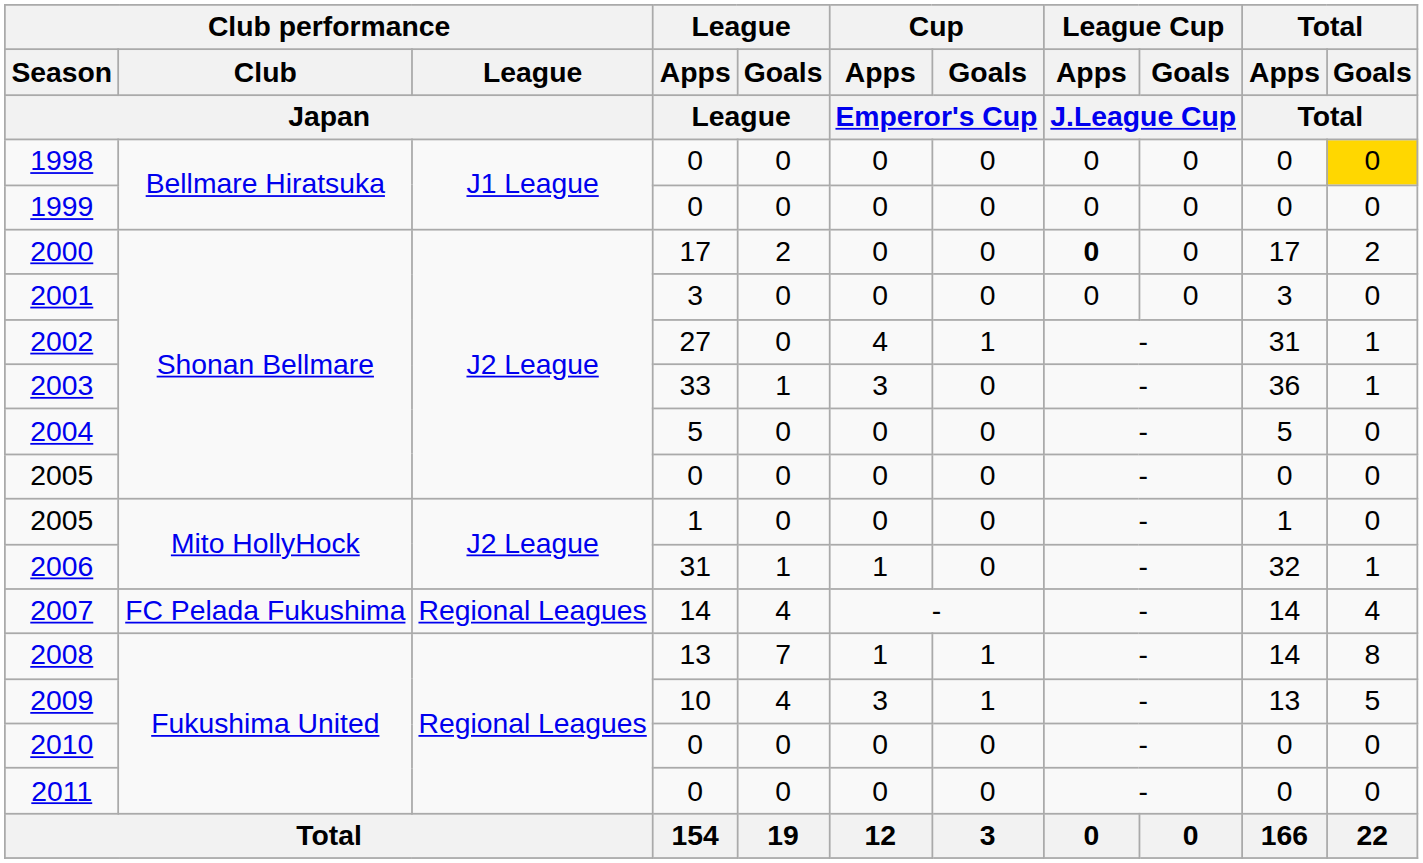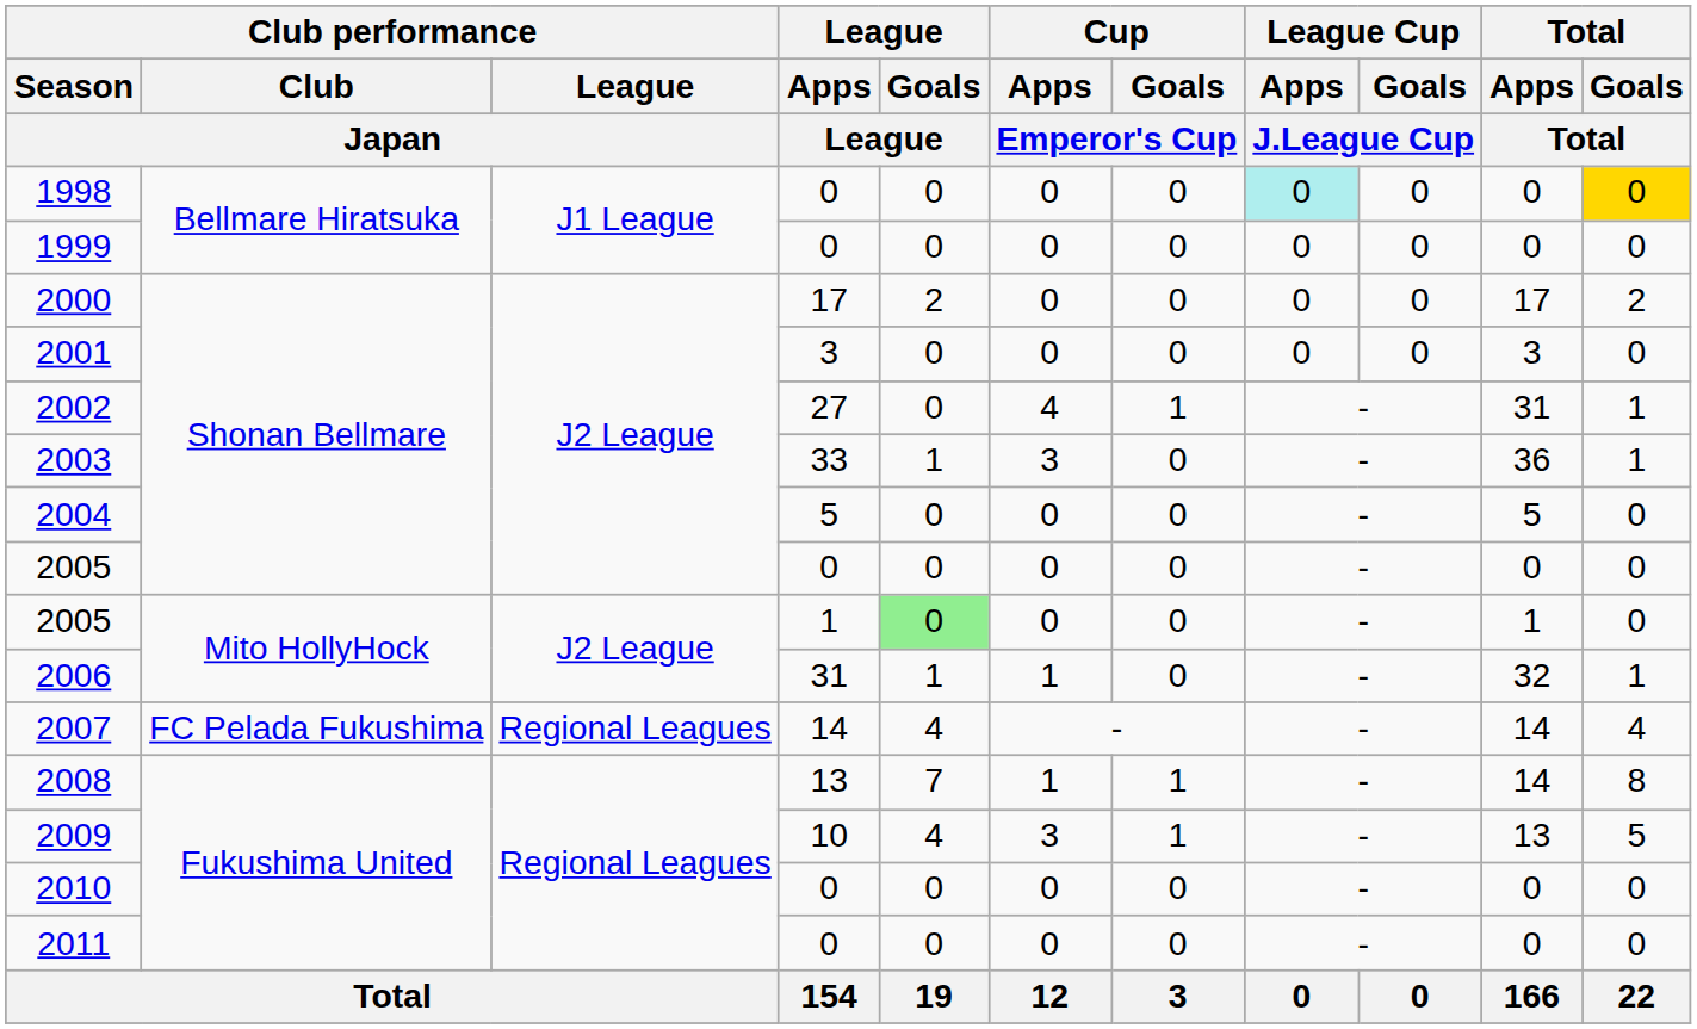 <table class="wikitable" style="text-align:center;">
 <tr>
 <th colspan=3>Club performance</th>
 <th colspan=2>League</th>
 <th colspan=2>Cup</th>
 <th colspan=2>League Cup</th>
 <th colspan=2>Total</th>
 </tr>
 <tr>
 <th>Season</th>
 <th>Club</th>
 <th>League</th>
 <th>Apps</th>
 <th>Goals</th>
 <th>Apps</th>
 <th>Goals</th>
 <th>Apps</th>
 <th>Goals</th>
 <th>Apps</th>
 <th>Goals</th>
 </tr>
 <tr>
 <th colspan=3>Japan</th>
 <th colspan=2>League</th>
 <th colspan=2><a href='#'>Emperor's Cup</a></th>
 <th colspan=2><a href='#'>J.League Cup</a></th>
 <th colspan=2>Total</th>
 </tr>
 <tr>
 <td><a href='#'>1998</a></td>
 <td rowspan="2"><a href='#'>Bellmare Hiratsuka</a></td>
 <td rowspan="2"><a href='#'>J1 League</a></td>
 <td>0</td>
 <td>0</td>
 <td>0</td>
 <td>0</td>
-<td>0</td>
+<td style="background: paleturquoise;">0</td>
 <td>0</td>
 <td>0</td>
 <td style="background: gold;">0</td>
 </tr>
 <tr>
 <td><a href='#'>1999</a></td>
 <td>0</td>
 <td>0</td>
 <td>0</td>
 <td>0</td>
 <td>0</td>
 <td>0</td>
 <td>0</td>
 <td>0</td>
 </tr>
 <tr>
 <td><a href='#'>2000</a></td>
 <td rowspan="6"><a href='#'>Shonan Bellmare</a></td>
 <td rowspan="6"><a href='#'>J2 League</a></td>
 <td>17</td>
 <td>2</td>
 <td>0</td>
 <td>0</td>
-<td><strong>0</strong></td>
+<td>0</td>
 <td>0</td>
 <td>17</td>
 <td>2</td>
 </tr>
 <tr>
 <td><a href='#'>2001</a></td>
 <td>3</td>
 <td>0</td>
 <td>0</td>
 <td>0</td>
 <td>0</td>
 <td>0</td>
 <td>3</td>
 <td>0</td>
 </tr>
 <tr>
 <td><a href='#'>2002</a></td>
 <td>27</td>
 <td>0</td>
 <td>4</td>
 <td>1</td>
 <td colspan="2">-</td>
 <td>31</td>
 <td>1</td>
 </tr>
 <tr>
 <td><a href='#'>2003</a></td>
 <td>33</td>
 <td>1</td>
 <td>3</td>
 <td>0</td>
 <td colspan="2">-</td>
 <td>36</td>
 <td>1</td>
 </tr>
 <tr>
 <td><a href='#'>2004</a></td>
 <td>5</td>
 <td>0</td>
 <td>0</td>
 <td>0</td>
 <td colspan="2">-</td>
 <td>5</td>
 <td>0</td>
 </tr>
 <tr>
 <td>2005</td>
 <td>0</td>
 <td>0</td>
 <td>0</td>
 <td>0</td>
 <td colspan="2">-</td>
 <td>0</td>
 <td>0</td>
 </tr>
 <tr>
 <td>2005</td>
 <td rowspan="2"><a href='#'>Mito HollyHock</a></td>
 <td rowspan="2"><a href='#'>J2 League</a></td>
 <td>1</td>
-<td>0</td>
+<td style="background: lightgreen;">0</td>
 <td>0</td>
 <td>0</td>
 <td colspan="2">-</td>
 <td>1</td>
 <td>0</td>
 </tr>
 <tr>
 <td><a href='#'>2006</a></td>
 <td>31</td>
 <td>1</td>
 <td>1</td>
 <td>0</td>
 <td colspan="2">-</td>
 <td>32</td>
 <td>1</td>
 </tr>
 <tr>
 <td><a href='#'>2007</a></td>
 <td><a href='#'>FC Pelada Fukushima</a></td>
 <td><a href='#'>Regional Leagues</a></td>
 <td>14</td>
 <td>4</td>
 <td colspan="2">-</td>
 <td colspan="2">-</td>
 <td>14</td>
 <td>4</td>
 </tr>
 <tr>
 <td><a href='#'>2008</a></td>
 <td rowspan="4"><a href='#'>Fukushima United</a></td>
 <td rowspan="4"><a href='#'>Regional Leagues</a></td>
 <td>13</td>
 <td>7</td>
 <td>1</td>
 <td>1</td>
 <td colspan="2">-</td>
 <td>14</td>
 <td>8</td>
 </tr>
 <tr>
 <td><a href='#'>2009</a></td>
 <td>10</td>
 <td>4</td>
 <td>3</td>
 <td>1</td>
 <td colspan="2">-</td>
 <td>13</td>
 <td>5</td>
 </tr>
 <tr>
 <td><a href='#'>2010</a></td>
 <td>0</td>
 <td>0</td>
 <td>0</td>
 <td>0</td>
 <td colspan="2">-</td>
 <td>0</td>
 <td>0</td>
 </tr>
 <tr>
 <td><a href='#'>2011</a></td>
 <td>0</td>
 <td>0</td>
 <td>0</td>
 <td>0</td>
 <td colspan="2">-</td>
 <td>0</td>
 <td>0</td>
 </tr>
 <tr>
 <th colspan=3>Total</th>
 <th>154</th>
 <th>19</th>
 <th>12</th>
 <th>3</th>
 <th>0</th>
 <th>0</th>
 <th>166</th>
 <th>22</th>
 </tr>
 </table>
